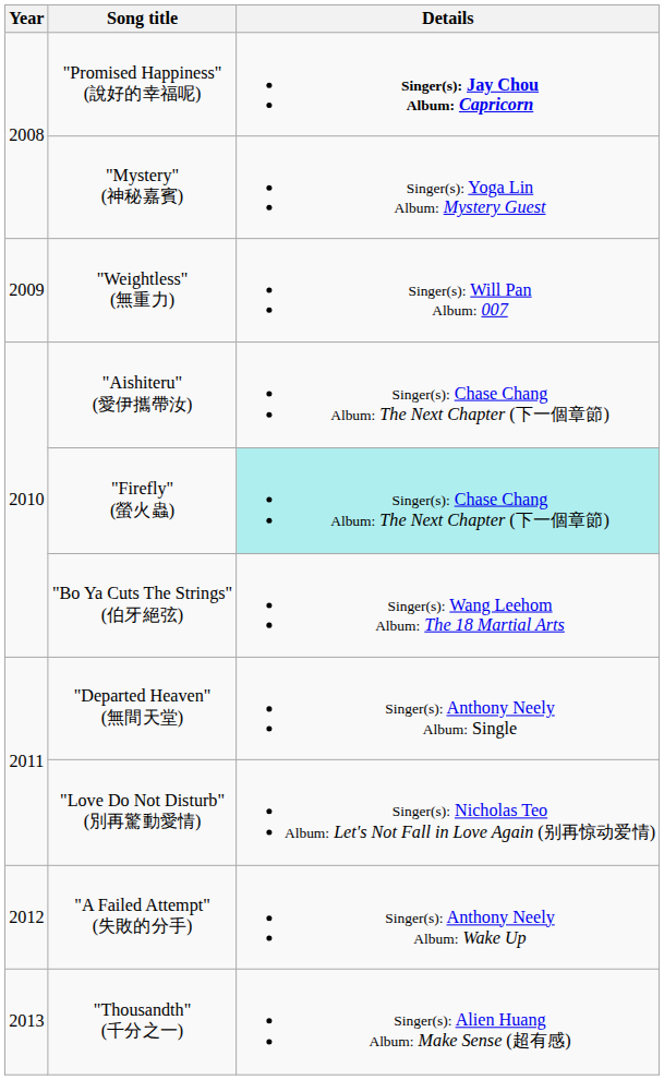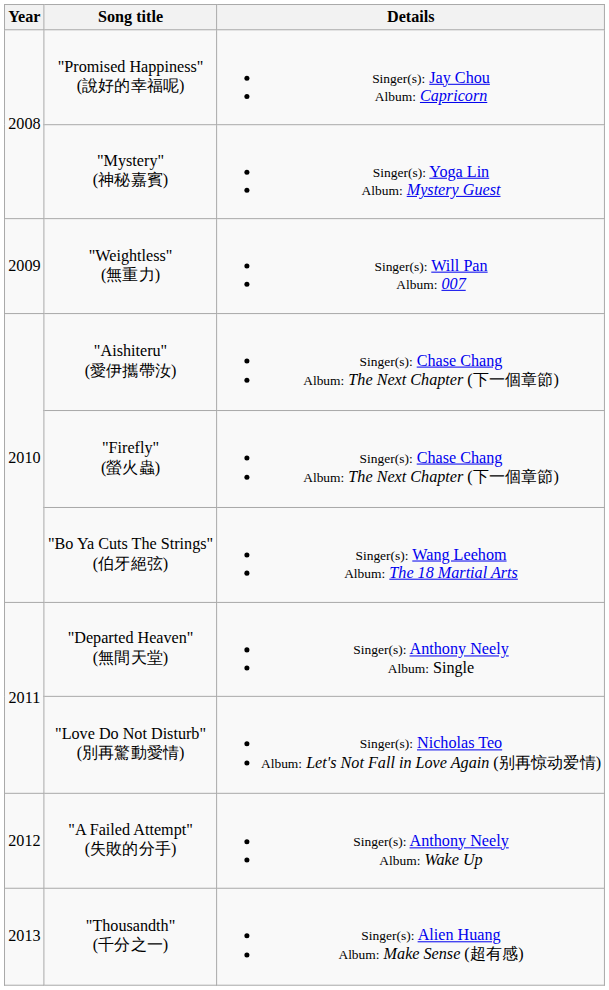 <table class="wikitable sortable">
 <tr>
 <th>Year</th>
 <th>Song title</th>
 <th>Details</th>
 </tr>
 <tr align=center>
 <td rowspan=2>2008</td>
 <td>"Promised Happiness"<br>(說好的幸福呢)</td>
-<td><strong><br><ul><li><small>Singer(s):</small> <a href='#'>Jay Chou</a></li><li><small>Album:</small> <em><a href='#'>Capricorn</a></em></li></ul></strong></td>
+<td><br><ul><li><small>Singer(s):</small> <a href='#'>Jay Chou</a></li><li><small>Album:</small> <em><a href='#'>Capricorn</a></em></li></ul></td>
 </tr>
 <tr align=center>
 <td>"Mystery"<br>(神秘嘉賓)</td>
 <td><br><ul><li><small>Singer(s):</small> <a href='#'>Yoga Lin</a></li><li><small>Album:</small> <em><a href='#'>Mystery Guest</a></em></li></ul></td>
 </tr>
 <tr align=center>
 <td>2009</td>
 <td>"Weightless"<br>(無重力)</td>
 <td><br><ul><li><small>Singer(s):</small> <a href='#'>Will Pan</a></li><li><small>Album:</small> <em><a href='#'>007</a></em></li></ul></td>
 </tr>
 <tr align=center>
 <td rowspan=3>2010</td>
 <td>"Aishiteru"<br>(愛伊攜帶汝)</td>
 <td><br><ul><li><small>Singer(s):</small> <a href='#'>Chase Chang</a></li><li><small>Album:</small> <em>The Next Chapter</em> (下一個章節)</li></ul></td>
 </tr>
 <tr align=center>
 <td>"Firefly"<br>(螢火蟲)</td>
-<td style="background: paleturquoise;"><br><ul><li><small>Singer(s):</small> <a href='#'>Chase Chang</a></li><li><small>Album:</small> <em>The Next Chapter</em> (下一個章節)</li></ul></td>
+<td><br><ul><li><small>Singer(s):</small> <a href='#'>Chase Chang</a></li><li><small>Album:</small> <em>The Next Chapter</em> (下一個章節)</li></ul></td>
 </tr>
 <tr align=center>
 <td>"Bo Ya Cuts The Strings"<br>(伯牙絕弦)</td>
 <td><br><ul><li><small>Singer(s):</small> <a href='#'>Wang Leehom</a></li><li><small>Album:</small> <em><a href='#'>The 18 Martial Arts</a></em></li></ul></td>
 </tr>
 <tr align=center>
 <td rowspan=2>2011</td>
 <td>"Departed Heaven"<br>(無間天堂)</td>
 <td><br><ul><li><small>Singer(s):</small> <a href='#'>Anthony Neely</a></li><li><small>Album:</small> Single</li></ul></td>
 </tr>
 <tr align=center>
 <td>"Love Do Not Disturb"<br>(別再驚動愛情)</td>
 <td><br><ul><li><small>Singer(s):</small> <a href='#'>Nicholas Teo</a></li><li><small>Album:</small> <em>Let's Not Fall in Love Again</em> (别再惊动爱情)</li></ul></td>
 </tr>
 <tr align=center>
 <td>2012</td>
 <td>"A Failed Attempt"<br>(失敗的分手)</td>
 <td><br><ul><li><small>Singer(s):</small> <a href='#'>Anthony Neely</a></li><li><small>Album:</small> <em>Wake Up</em></li></ul></td>
 </tr>
 <tr align=center>
 <td>2013</td>
 <td>"Thousandth"<br>(千分之一)</td>
 <td><br><ul><li><small>Singer(s):</small> <a href='#'>Alien Huang</a></li><li><small>Album:</small> <em>Make Sense</em> (超有感)</li></ul></td>
 </tr>
 </table>
